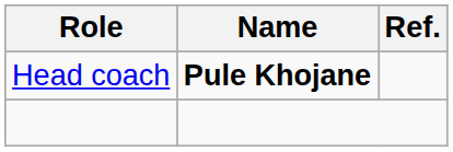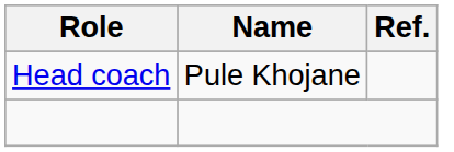 <table class="wikitable">
 <tr>
 <th>Role</th>
 <th>Name</th>
 <th>Ref.</th>
 </tr>
 <tr>
 <td><a href='#'>Head coach</a></td>
-<td><strong>Pule Khojane</strong></td>
+<td>Pule Khojane</td>
 <td></td>
 </tr>
 <tr>
 <td><br></td>
 </tr>
 </table>
